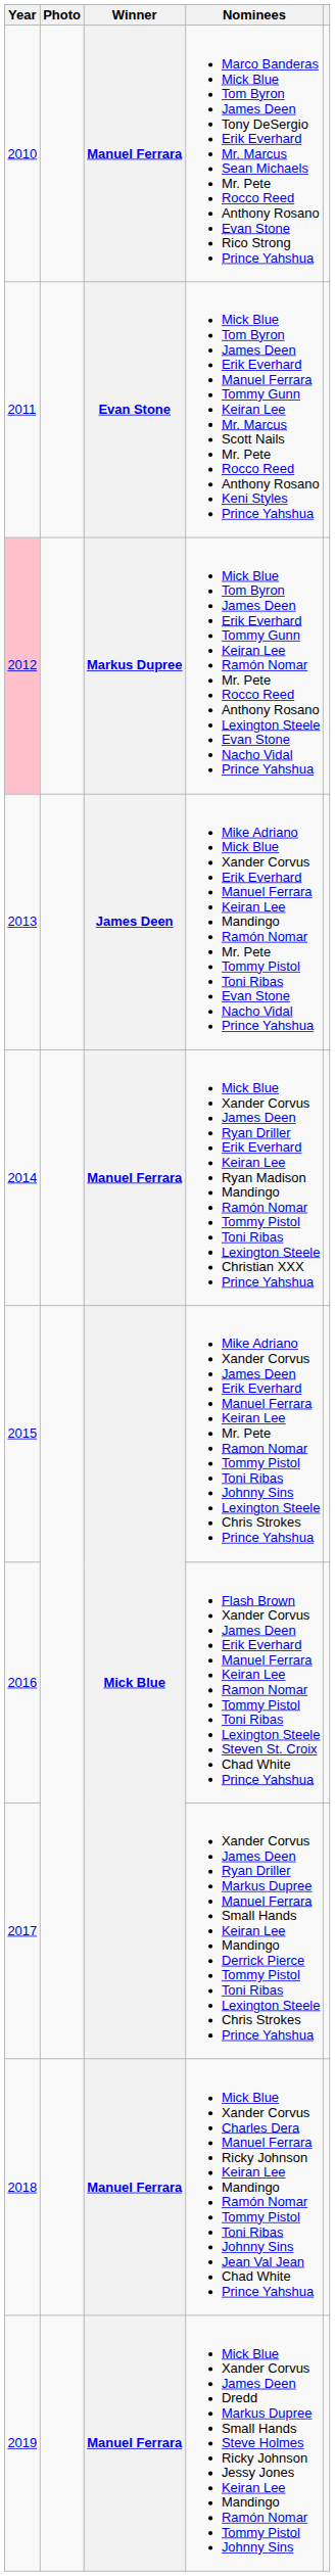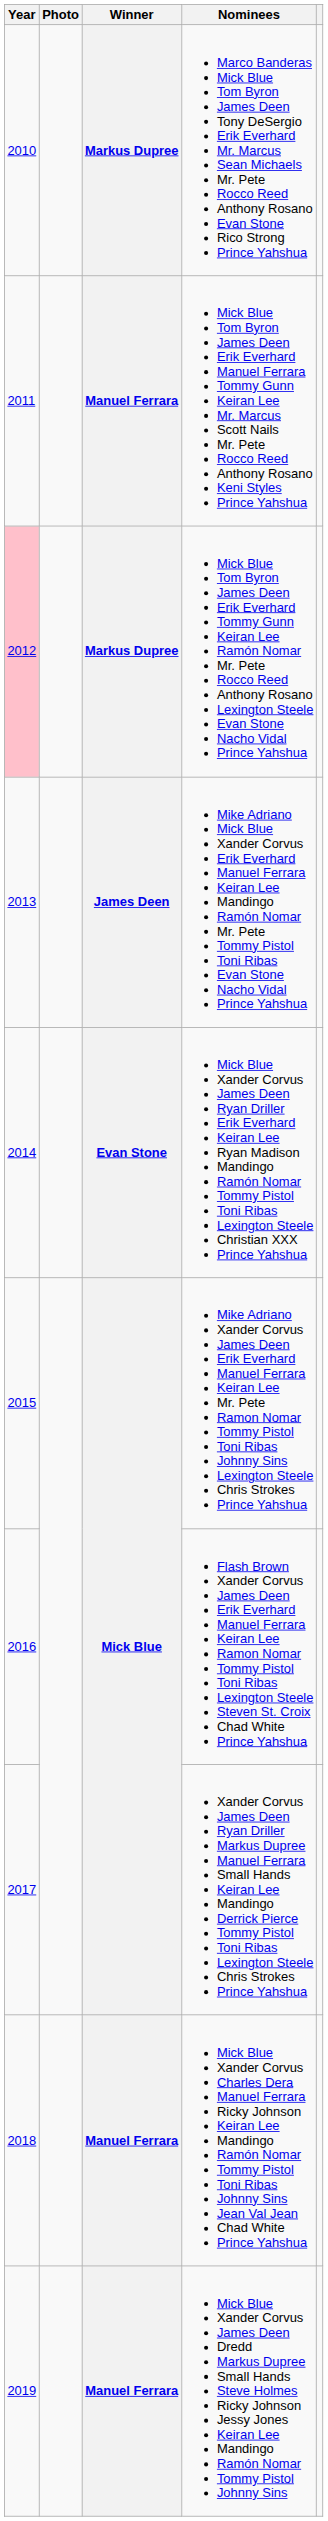 <table Class="wikitable sortable">
 <tr>
 <th>Year</th>
 <th>Photo</th>
 <th>Winner</th>
 <th>Nominees</th>
 <th></th>
 </tr>
 <tr>
 <td><a href='#'>2010</a></td>
 <td></td>
-<th><a href='#'>Manuel Ferrara</a></th>
+<th><a href='#'>Markus Dupree</a></th>
 <td valign="top"><br><ul><li><a href='#'>Marco Banderas</a></li><li><a href='#'>Mick Blue</a></li><li><a href='#'>Tom Byron</a></li><li><a href='#'>James Deen</a></li><li>Tony DeSergio</li><li><a href='#'>Erik Everhard</a></li><li><a href='#'>Mr. Marcus</a></li><li><a href='#'>Sean Michaels</a></li><li>Mr. Pete</li><li><a href='#'>Rocco Reed</a></li><li>Anthony Rosano</li><li><a href='#'>Evan Stone</a></li><li>Rico Strong</li><li><a href='#'>Prince Yahshua</a></li></ul></td>
 <td></td>
 </tr>
 <tr>
 <td><a href='#'>2011</a></td>
 <td></td>
-<th><a href='#'>Evan Stone</a></th>
+<th><a href='#'>Manuel Ferrara</a></th>
 <td valign="top"><br><ul><li><a href='#'>Mick Blue</a></li><li><a href='#'>Tom Byron</a></li><li><a href='#'>James Deen</a></li><li><a href='#'>Erik Everhard</a></li><li><a href='#'>Manuel Ferrara</a></li><li><a href='#'>Tommy Gunn</a></li><li><a href='#'>Keiran Lee</a></li><li><a href='#'>Mr. Marcus</a></li><li>Scott Nails</li><li>Mr. Pete</li><li><a href='#'>Rocco Reed</a></li><li>Anthony Rosano</li><li><a href='#'>Keni Styles</a></li><li><a href='#'>Prince Yahshua</a></li></ul></td>
 <td></td>
 </tr>
 <tr>
 <td style="background: pink;"><a href='#'>2012</a></td>
 <td></td>
 <th><a href='#'>Markus Dupree</a></th>
 <td valign="top"><br><ul><li><a href='#'>Mick Blue</a></li><li><a href='#'>Tom Byron</a></li><li><a href='#'>James Deen</a></li><li><a href='#'>Erik Everhard</a></li><li><a href='#'>Tommy Gunn</a></li><li><a href='#'>Keiran Lee</a></li><li><a href='#'>Ramón Nomar</a></li><li>Mr. Pete</li><li><a href='#'>Rocco Reed</a></li><li>Anthony Rosano</li><li><a href='#'>Lexington Steele</a></li><li><a href='#'>Evan Stone</a></li><li><a href='#'>Nacho Vidal</a></li><li><a href='#'>Prince Yahshua</a></li></ul></td>
 <td></td>
 </tr>
 <tr>
 <td><a href='#'>2013</a></td>
 <td></td>
 <th><a href='#'>James Deen</a></th>
 <td valign="top"><br><ul><li><a href='#'>Mike Adriano</a></li><li><a href='#'>Mick Blue</a></li><li>Xander Corvus</li><li><a href='#'>Erik Everhard</a></li><li><a href='#'>Manuel Ferrara</a></li><li><a href='#'>Keiran Lee</a></li><li>Mandingo</li><li><a href='#'>Ramón Nomar</a></li><li>Mr. Pete</li><li><a href='#'>Tommy Pistol</a></li><li><a href='#'>Toni Ribas</a></li><li><a href='#'>Evan Stone</a></li><li><a href='#'>Nacho Vidal</a></li><li><a href='#'>Prince Yahshua</a></li></ul></td>
 <td></td>
 </tr>
 <tr>
 <td><a href='#'>2014</a></td>
 <td></td>
-<th><a href='#'>Manuel Ferrara</a></th>
+<th><a href='#'>Evan Stone</a></th>
 <td valign="top"><br><ul><li><a href='#'>Mick Blue</a></li><li>Xander Corvus</li><li><a href='#'>James Deen</a></li><li><a href='#'>Ryan Driller</a></li><li><a href='#'>Erik Everhard</a></li><li><a href='#'>Keiran Lee</a></li><li>Ryan Madison</li><li>Mandingo</li><li><a href='#'>Ramón Nomar</a></li><li><a href='#'>Tommy Pistol</a></li><li><a href='#'>Toni Ribas</a></li><li><a href='#'>Lexington Steele</a></li><li>Christian XXX</li><li><a href='#'>Prince Yahshua</a></li></ul></td>
 <td></td>
 </tr>
 <tr>
 <td><a href='#'>2015</a></td>
 <td rowspan="3"></td>
 <th rowspan="3"><a href='#'>Mick Blue</a></th>
 <td valign="top"><br><ul><li><a href='#'>Mike Adriano</a></li><li>Xander Corvus</li><li><a href='#'>James Deen</a></li><li><a href='#'>Erik Everhard</a></li><li><a href='#'>Manuel Ferrara</a></li><li><a href='#'>Keiran Lee</a></li><li>Mr. Pete</li><li><a href='#'>Ramon Nomar</a></li><li><a href='#'>Tommy Pistol</a></li><li><a href='#'>Toni Ribas</a></li><li><a href='#'>Johnny Sins</a></li><li><a href='#'>Lexington Steele</a></li><li>Chris Strokes</li><li><a href='#'>Prince Yahshua</a></li></ul></td>
 <td></td>
 </tr>
 <tr>
 <td><a href='#'>2016</a></td>
 <td valign="top"><br><ul><li><a href='#'>Flash Brown</a></li><li>Xander Corvus</li><li><a href='#'>James Deen</a></li><li><a href='#'>Erik Everhard</a></li><li><a href='#'>Manuel Ferrara</a></li><li><a href='#'>Keiran Lee</a></li><li><a href='#'>Ramon Nomar</a></li><li><a href='#'>Tommy Pistol</a></li><li><a href='#'>Toni Ribas</a></li><li><a href='#'>Lexington Steele</a></li><li><a href='#'>Steven St. Croix</a></li><li>Chad White</li><li><a href='#'>Prince Yahshua</a></li></ul></td>
 <td></td>
 </tr>
 <tr>
 <td><a href='#'>2017</a></td>
 <td valign="top"><br><ul><li>Xander Corvus</li><li><a href='#'>James Deen</a></li><li><a href='#'>Ryan Driller</a></li><li><a href='#'>Markus Dupree</a></li><li><a href='#'>Manuel Ferrara</a></li><li>Small Hands</li><li><a href='#'>Keiran Lee</a></li><li>Mandingo</li><li><a href='#'>Derrick Pierce</a></li><li><a href='#'>Tommy Pistol</a></li><li><a href='#'>Toni Ribas</a></li><li><a href='#'>Lexington Steele</a></li><li>Chris Strokes</li><li><a href='#'>Prince Yahshua</a></li></ul></td>
 <td></td>
 </tr>
 <tr>
 <td><a href='#'>2018</a></td>
 <td></td>
 <th><a href='#'>Manuel Ferrara</a></th>
 <td valign="top"><br><ul><li><a href='#'>Mick Blue</a></li><li>Xander Corvus</li><li><a href='#'>Charles Dera</a></li><li><a href='#'>Manuel Ferrara</a></li><li>Ricky Johnson</li><li><a href='#'>Keiran Lee</a></li><li>Mandingo</li><li><a href='#'>Ramón Nomar</a></li><li><a href='#'>Tommy Pistol</a></li><li><a href='#'>Toni Ribas</a></li><li><a href='#'>Johnny Sins</a></li><li><a href='#'>Jean Val Jean</a></li><li>Chad White</li><li><a href='#'>Prince Yahshua</a></li></ul></td>
 <td></td>
 </tr>
 <tr>
 <td><a href='#'>2019</a></td>
 <td></td>
 <th><a href='#'>Manuel Ferrara</a></th>
 <td valign="top"><br><ul><li><a href='#'>Mick Blue</a></li><li>Xander Corvus</li><li><a href='#'>James Deen</a></li><li>Dredd</li><li><a href='#'>Markus Dupree</a></li><li>Small Hands</li><li><a href='#'>Steve Holmes</a></li><li>Ricky Johnson</li><li>Jessy Jones</li><li><a href='#'>Keiran Lee</a></li><li>Mandingo</li><li><a href='#'>Ramón Nomar</a></li><li><a href='#'>Tommy Pistol</a></li><li><a href='#'>Johnny Sins</a></li></ul></td>
 <td></td>
 </tr>
 </table>
